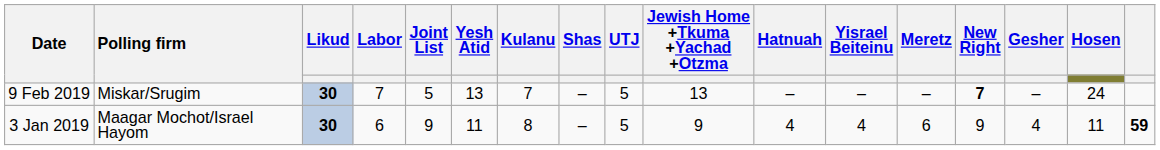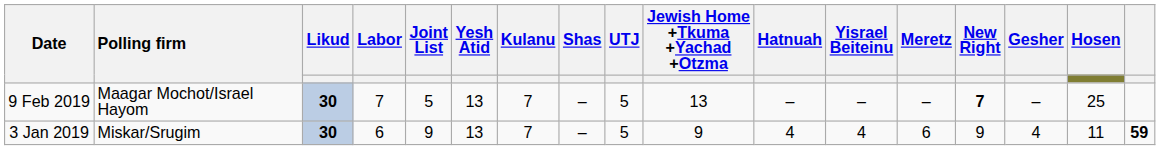 <table class="wikitable" style="text-align:center; font-size:90%; line-height:14px;">
 <tr>
 <th rowspan="2">Date</th>
 <th style="width:180px;text-align:left;" rowspan="2">Polling firm</th>
 <th><a href='#'>Likud</a></th>
 <th><a href='#'>Labor</a></th>
 <th><a href='#'>Joint<br>List</a></th>
 <th><a href='#'>Yesh<br>Atid</a></th>
 <th><a href='#'>Kulanu</a></th>
 <th><a href='#'>Shas</a></th>
 <th><a href='#'>UTJ</a></th>
 <th><a href='#'>Jewish Home</a><br>+<a href='#'>Tkuma</a><br>+<a href='#'>Yachad</a><br>+<a href='#'>Otzma</a></th>
 <th><a href='#'>Hatnuah</a></th>
 <th><a href='#'>Yisrael<br>Beiteinu</a></th>
 <th><a href='#'>Meretz</a></th>
 <th><a href='#'>New<br>Right</a></th>
 <th><a href='#'>Gesher</a></th>
 <th><a href='#'>Hosen</a></th>
 <th style="width:20px;"></th>
 </tr>
 <tr>
 <th style="color:inherit;background:"></th>
 <th style="color:inherit;background:"></th>
 <th style="color:inherit;background:"></th>
 <th style="color:inherit;background:"></th>
 <th style="color:inherit;background:"></th>
 <th style="color:inherit;background:"></th>
 <th style="color:inherit;background:"></th>
 <th style="color:inherit;background:"></th>
 <th style="color:inherit;background:"></th>
 <th style="color:inherit;background:"></th>
 <th style="color:inherit;background:"></th>
 <th style="color:inherit;background:"></th>
 <th style="color:inherit;background:"></th>
 <th style="color:inherit;background:#807e33; "></th>
 <th style="color:inherit;background:"></th>
 </tr>
 <tr>
 <td>9 Feb 2019</td>
-<td style="text-align:left;">Miskar/Srugim</td>
+<td style="text-align:left;">Maagar Mochot/Israel Hayom</td>
 <td style="background:#BBCDE4"><strong>30</strong>	</td>
 <td>7					</td>
 <td>5					</td>
 <td>13					</td>
 <td>7					</td>
 <td>–					</td>
 <td>5					</td>
 <td>13					</td>
 <td>–					</td>
 <td>–					</td>
 <td>–					</td>
 <td><strong>7					</strong></td>
 <td>–					</td>
-<td>24					</td>
+<td>25					</td>
 <td></td>
 </tr>
 <tr>
 <td>3 Jan 2019</td>
-<td style="text-align:left;">Maagar Mochot/Israel Hayom</td>
+<td style="text-align:left;">Miskar/Srugim</td>
 <td style="background:#BBCDE4"><strong>30</strong>	</td>
 <td>6					</td>
 <td>9					</td>
-<td>11					</td>
-<td>8					</td>
+<td>13					</td>
+<td>7					</td>
 <td>–					</td>
 <td>5					</td>
 <td>9					</td>
 <td>4					</td>
 <td>4					</td>
 <td>6					</td>
 <td>9					</td>
 <td>4					</td>
 <td>11					</td>
 <td><strong>59</strong>				</td>
 </tr>
 </table>
